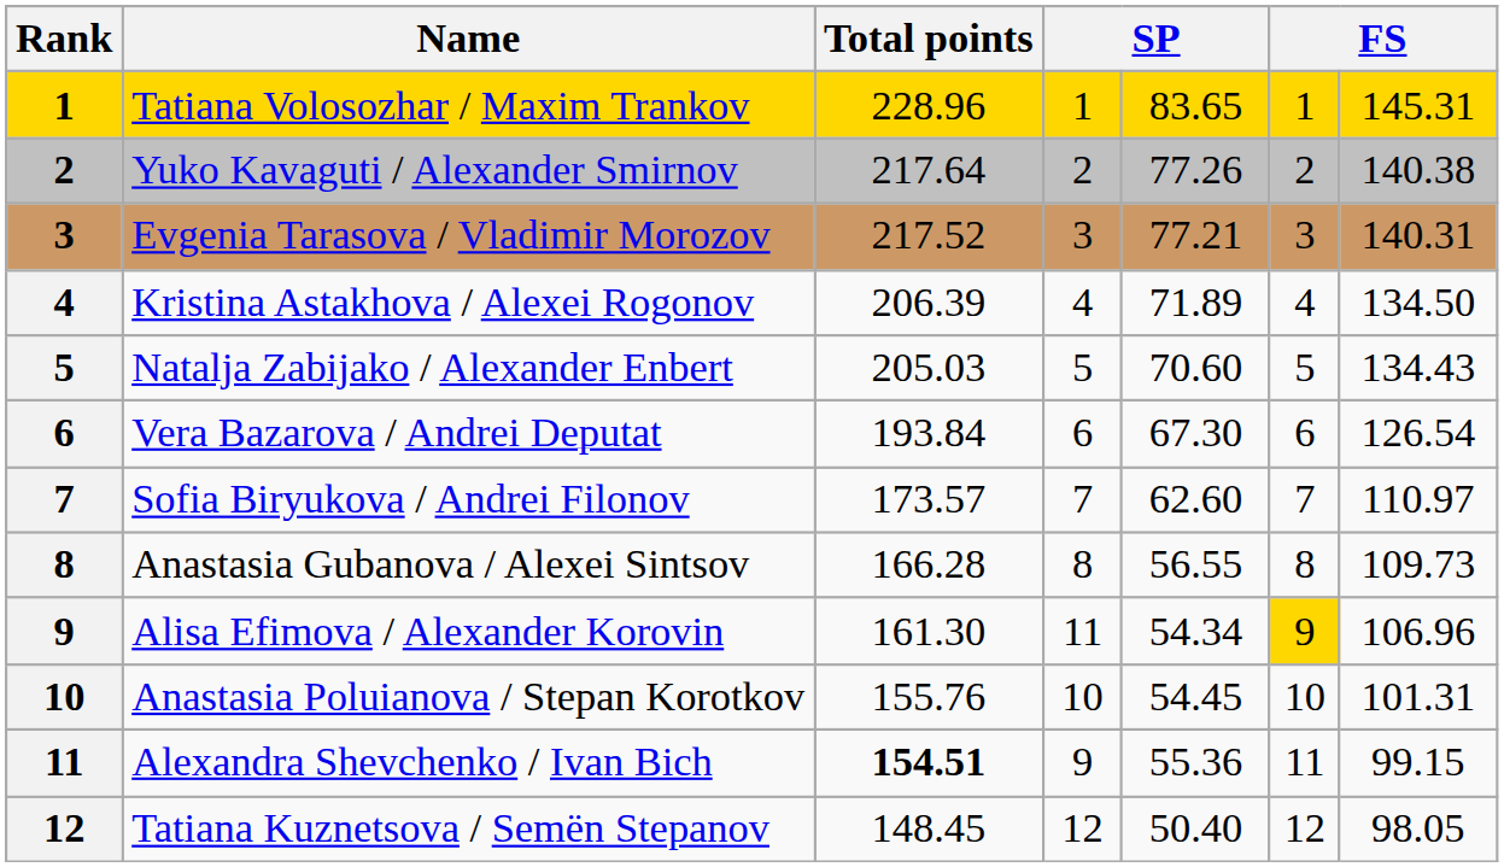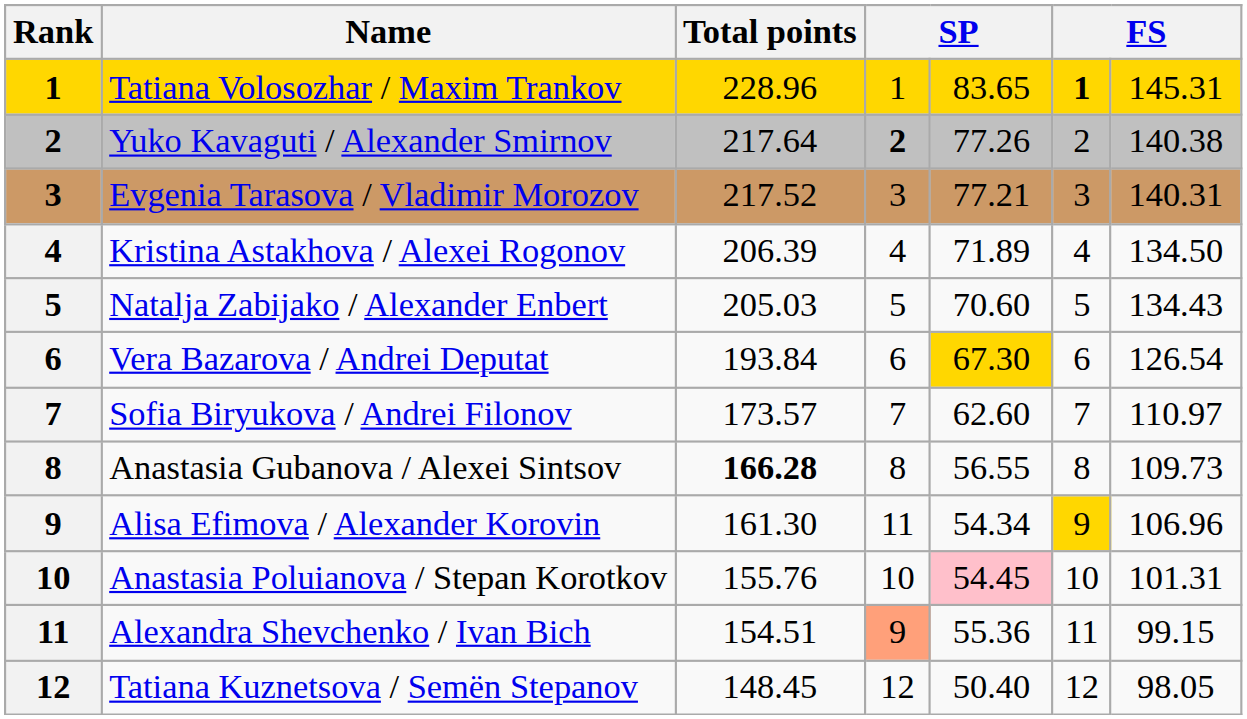 <table class="wikitable sortable">
 <tr>
 <th>Rank</th>
 <th>Name</th>
 <th>Total points</th>
 <th colspan="2" width="80px"><a href='#'>SP</a></th>
 <th colspan="2" width="80px"><a href='#'>FS</a></th>
 </tr>
 <tr bgcolor="gold">
 <td align="center"><strong>1</strong></td>
 <td><a href='#'>Tatiana Volosozhar</a> / <a href='#'>Maxim Trankov</a></td>
 <td align="center">228.96</td>
 <td align="center">1</td>
 <td align="center">83.65</td>
-<td align="center">1</td>
+<td align="center"><strong>1</strong></td>
 <td align="center">145.31</td>
 </tr>
 <tr bgcolor="silver">
 <td align="center"><strong>2</strong></td>
 <td><a href='#'>Yuko Kavaguti</a> / <a href='#'>Alexander Smirnov</a></td>
 <td align="center">217.64</td>
-<td align="center">2</td>
+<td align="center"><strong>2</strong></td>
 <td align="center">77.26</td>
 <td align="center">2</td>
 <td align="center">140.38</td>
 </tr>
 <tr bgcolor="cc9966">
 <td align="center"><strong>3</strong></td>
 <td><a href='#'>Evgenia Tarasova</a> / <a href='#'>Vladimir Morozov</a></td>
 <td align="center">217.52</td>
 <td align="center">3</td>
 <td align="center">77.21</td>
 <td align="center">3</td>
 <td align="center">140.31</td>
 </tr>
 <tr>
 <th>4</th>
 <td><a href='#'>Kristina Astakhova</a> / <a href='#'>Alexei Rogonov</a></td>
 <td align="center">206.39</td>
 <td align="center">4</td>
 <td align="center">71.89</td>
 <td align="center">4</td>
 <td align="center">134.50</td>
 </tr>
 <tr>
 <th>5</th>
 <td><a href='#'>Natalja Zabijako</a> / <a href='#'>Alexander Enbert</a></td>
 <td align="center">205.03</td>
 <td align="center">5</td>
 <td align="center">70.60</td>
 <td align="center">5</td>
 <td align="center">134.43</td>
 </tr>
 <tr>
 <th>6</th>
 <td><a href='#'>Vera Bazarova</a> / <a href='#'>Andrei Deputat</a></td>
 <td align="center">193.84</td>
 <td align="center">6</td>
-<td align="center">67.30</td>
+<td align="center" style="background: gold;">67.30</td>
 <td align="center">6</td>
 <td align="center">126.54</td>
 </tr>
 <tr>
 <th>7</th>
 <td><a href='#'>Sofia Biryukova</a> / <a href='#'>Andrei Filonov</a></td>
 <td align="center">173.57</td>
 <td align="center">7</td>
 <td align="center">62.60</td>
 <td align="center">7</td>
 <td align="center">110.97</td>
 </tr>
 <tr>
 <th>8</th>
 <td>Anastasia Gubanova / Alexei Sintsov</td>
-<td align="center">166.28</td>
+<td align="center"><strong>166.28</strong></td>
 <td align="center">8</td>
 <td align="center">56.55</td>
 <td align="center">8</td>
 <td align="center">109.73</td>
 </tr>
 <tr>
 <th>9</th>
 <td><a href='#'>Alisa Efimova</a> / <a href='#'>Alexander Korovin</a></td>
 <td align="center">161.30</td>
 <td align="center">11</td>
 <td align="center">54.34</td>
 <td align="center" style="background: gold;">9</td>
 <td align="center">106.96</td>
 </tr>
 <tr>
 <th>10</th>
 <td><a href='#'>Anastasia Poluianova</a> / Stepan Korotkov</td>
 <td align="center">155.76</td>
 <td align="center">10</td>
-<td align="center">54.45</td>
+<td align="center" style="background: pink;">54.45</td>
 <td align="center">10</td>
 <td align="center">101.31</td>
 </tr>
 <tr>
 <th>11</th>
 <td><a href='#'>Alexandra Shevchenko</a> / <a href='#'>Ivan Bich</a></td>
-<td align="center"><strong>154.51</strong></td>
-<td align="center">9</td>
+<td align="center">154.51</td>
+<td align="center" style="background: lightsalmon;">9</td>
 <td align="center">55.36</td>
 <td align="center">11</td>
 <td align="center">99.15</td>
 </tr>
 <tr>
 <th>12</th>
 <td><a href='#'>Tatiana Kuznetsova</a> / <a href='#'>Semën Stepanov</a></td>
 <td align="center">148.45</td>
 <td align="center">12</td>
 <td align="center">50.40</td>
 <td align="center">12</td>
 <td align="center">98.05</td>
 </tr>
 </table>
